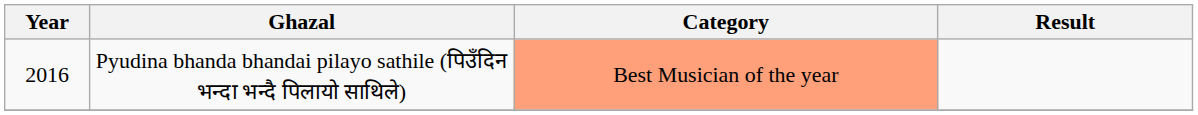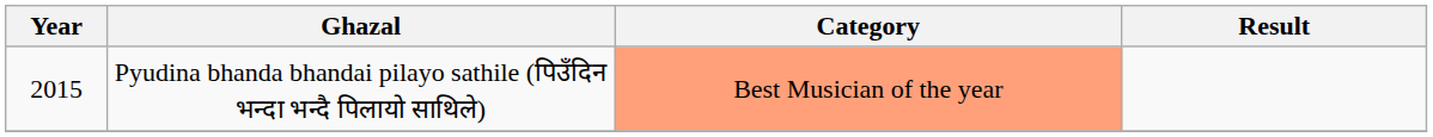 <table class="wikitable">
 <tr>
 <th width=5%>Year</th>
 <th style="width:25%;">Ghazal</th>
 <th style="width:25%;">Category</th>
 <th style="width:15%;">Result</th>
 </tr>
 <tr>
-<td style="text-align:center;">2016</td>
+<td style="text-align:center;">2015</td>
 <td style="text-align:center;">Pyudina bhanda bhandai pilayo sathile (पिउँदिन भन्दा भन्दै पिलायो साथिले)</td>
 <td style="background: lightsalmon; text-align:center;">Best Musician of the year</td>
 <td></td>
 </tr>
 <tr>
 </tr>
 </table>
